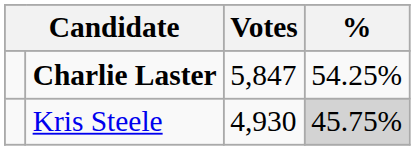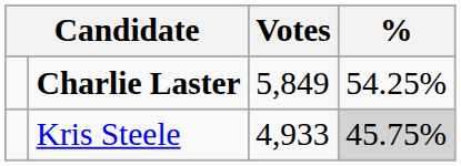 <table class="wikitable">
 <tr>
 <th colspan="2" rowspan="1" align="center" valign="top"><strong>Candidate</strong></th>
 <th valign="top"><strong>Votes</strong></th>
 <th valign="top"><strong>%</strong></th>
 </tr>
 <tr>
 <td style="background-color:"> </td>
 <td><strong>Charlie Laster</strong></td>
-<td>5,847</td>
+<td>5,849</td>
 <td>54.25%</td>
 </tr>
 <tr>
 <td style="background-color:"> </td>
 <td><a href='#'>Kris Steele</a></td>
-<td>4,930</td>
+<td>4,933</td>
 <td style="background: lightgrey;">45.75%</td>
 </tr>
 </table>
